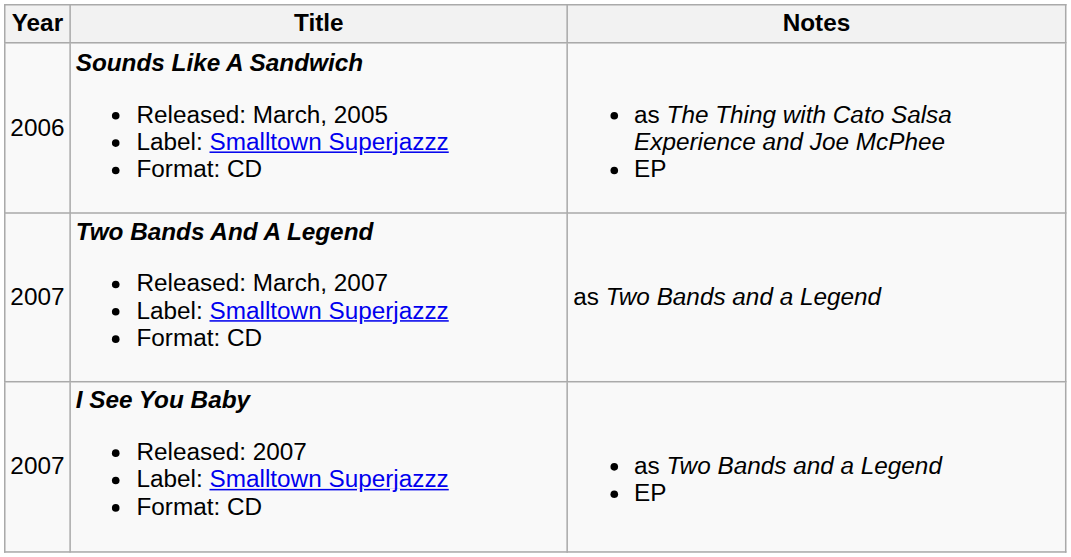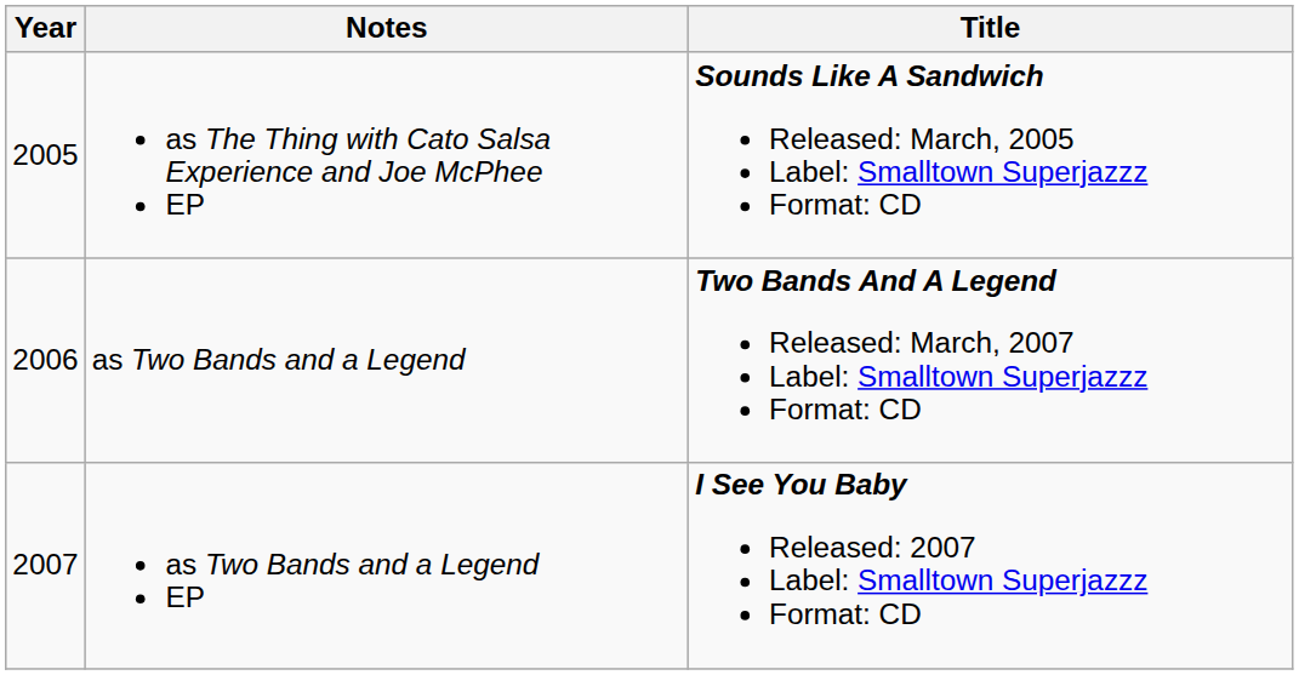 <table class="wikitable">
 <tr>
 <th>Year</th>
+<th>Notes</th>
 <th style="width:20em">Title</th>
-<th>Notes</th>
+</tr>
+<tr>
+<td>2005</td>
+<td style="width:20em"><br><ul><li>as <em>The Thing with Cato Salsa Experience and Joe McPhee</em></li><li>EP</li></ul></td>
+<td style="width:20em"><strong><em>Sounds Like A Sandwich</em></strong><br><ul><li>Released: March, 2005</li><li>Label: <a href='#'>Smalltown Superjazzz</a> </li><li>Format: CD</li></ul></td>
 </tr>
 <tr>
 <td>2006</td>
-<td style="width:20em"><strong><em>Sounds Like A Sandwich</em></strong><br><ul><li>Released: March, 2005</li><li>Label: <a href='#'>Smalltown Superjazzz</a> </li><li>Format: CD</li></ul></td>
-<td style="width:20em"><br><ul><li>as <em>The Thing with Cato Salsa Experience and Joe McPhee</em></li><li>EP</li></ul></td>
+<td>as <em>Two Bands and a Legend</em></td>
+<td style="width:20em"><strong><em>Two Bands And A Legend</em></strong><br><ul><li>Released: March, 2007</li><li>Label: <a href='#'>Smalltown Superjazzz</a> </li><li>Format: CD</li></ul></td>
 </tr>
 <tr>
 <td>2007</td>
-<td style="width:20em"><strong><em>Two Bands And A Legend</em></strong><br><ul><li>Released: March, 2007</li><li>Label: <a href='#'>Smalltown Superjazzz</a> </li><li>Format: CD</li></ul></td>
-<td>as <em>Two Bands and a Legend</em></td>
-</tr>
-<tr>
-<td>2007</td>
+<td><br><ul><li>as <em>Two Bands and a Legend</em></li><li>EP</li></ul></td>
 <td style="width:20em"><strong><em>I See You Baby</em></strong><br><ul><li>Released: 2007</li><li>Label: <a href='#'>Smalltown Superjazzz</a> </li><li>Format: CD</li></ul></td>
-<td><br><ul><li>as <em>Two Bands and a Legend</em></li><li>EP</li></ul></td>
 </tr>
 </table>
